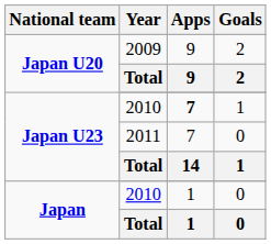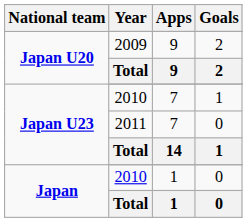 <table class="wikitable" style="font-size:90%; text-align:center;">
 <tr>
 <th>National team</th>
 <th>Year</th>
 <th>Apps</th>
 <th>Goals</th>
 </tr>
 <tr>
 <td rowspan="3"><strong><a href='#'>Japan U20</a></strong></td>
 </tr>
 <tr>
 <td>2009</td>
 <td>9</td>
 <td>2</td>
 </tr>
 <tr>
 <th colspan=1>Total</th>
 <th>9</th>
 <th>2</th>
 </tr>
 <tr>
 <td rowspan="4"><strong><a href='#'>Japan U23</a></strong></td>
 </tr>
 <tr>
 <td>2010</td>
-<td><strong>7</strong></td>
+<td>7</td>
 <td>1</td>
 </tr>
 <tr>
 <td>2011</td>
 <td>7</td>
 <td>0</td>
 </tr>
 <tr>
 <th colspan=1>Total</th>
 <th>14</th>
 <th>1</th>
 </tr>
 <tr>
 <td rowspan="3"><strong><a href='#'>Japan</a></strong></td>
 </tr>
 <tr>
 <td><a href='#'>2010</a></td>
 <td>1</td>
 <td>0</td>
 </tr>
 <tr>
 <th colspan=1>Total</th>
 <th>1</th>
 <th>0</th>
 </tr>
 </table>
